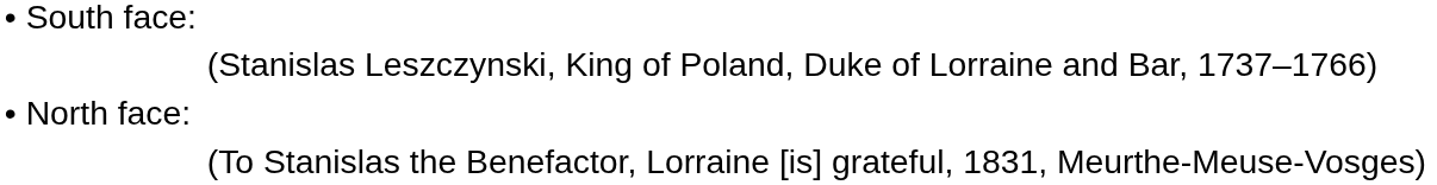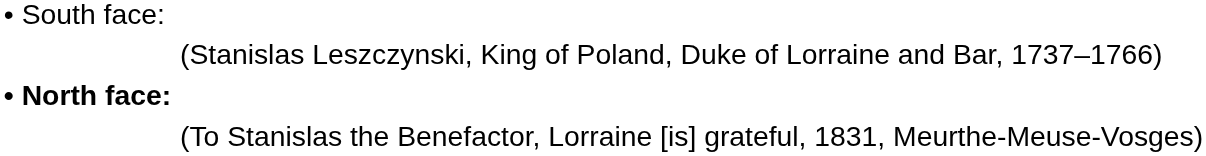 <table cellpadding="0" cellspacing="5">
 <tr>
 <td>• South face:</td>
 <td><em></em></td>
 </tr>
 <tr>
 <td></td>
 <td>(Stanislas Leszczynski, King of Poland, Duke of Lorraine and Bar, 1737–1766)</td>
 </tr>
 <tr>
-<td>• North face:</td>
+<td><strong>• North face:</strong></td>
 <td><em></em></td>
 </tr>
 <tr>
 <td></td>
 <td>(To Stanislas the Benefactor, Lorraine [is] grateful, 1831, Meurthe-Meuse-Vosges)</td>
 </tr>
 </table>
